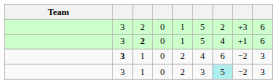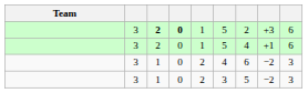 <table class="wikitable" style="text-align: center; font-size: 90%;">
 <tr>
 <th width=165>Team</th>
 <th width=25></th>
 <th width=25></th>
 <th width=25></th>
 <th width=25></th>
 <th width=25></th>
 <th width=25></th>
 <th width=25></th>
 <th width=25></th>
 </tr>
 <tr style="background:#cfc;">
 <td align="left"></td>
 <td>3</td>
-<td>2</td>
-<td>0</td>
+<td><strong>2</strong></td>
+<td><strong>0</strong></td>
 <td>1</td>
 <td>5</td>
 <td>2</td>
 <td>+3</td>
 <td>6</td>
 </tr>
 <tr style="background:#cfc;">
 <td align="left"></td>
 <td>3</td>
-<td><strong>2</strong></td>
+<td>2</td>
 <td>0</td>
 <td>1</td>
 <td>5</td>
 <td>4</td>
 <td>+1</td>
 <td>6</td>
 </tr>
 <tr>
 <td align="left"></td>
-<td><strong>3</strong></td>
+<td>3</td>
 <td>1</td>
 <td>0</td>
 <td>2</td>
 <td>4</td>
 <td>6</td>
 <td>−2</td>
 <td>3</td>
 </tr>
 <tr>
 <td align="left"></td>
 <td>3</td>
 <td>1</td>
 <td>0</td>
 <td>2</td>
 <td>3</td>
-<td style="background: paleturquoise;">5</td>
+<td>5</td>
 <td>−2</td>
 <td>3</td>
 </tr>
 </table>
